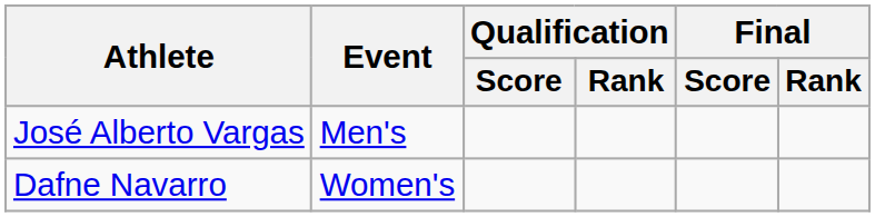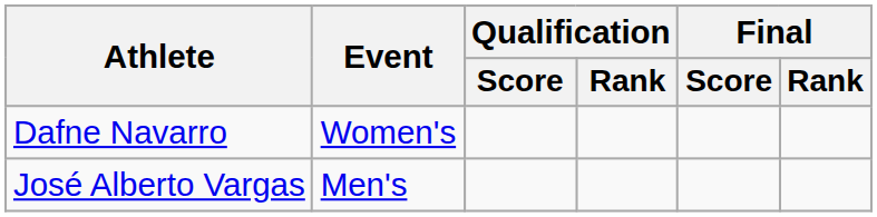 <table class="wikitable" style="font-size:90%">
 <tr>
 <th rowspan=2>Athlete</th>
 <th rowspan=2>Event</th>
 <th colspan="2">Qualification</th>
 <th colspan="2">Final</th>
 </tr>
 <tr style="font-size:95%">
 <th>Score</th>
 <th>Rank</th>
 <th>Score</th>
 <th>Rank</th>
 </tr>
 <tr align=center>
+<td align=left><a href='#'>Dafne Navarro</a></td>
+<td align=left><a href='#'>Women's</a></td>
+<td></td>
+<td></td>
+<td></td>
+<td></td>
+</tr>
+<tr align=center>
 <td align=left><a href='#'>José Alberto Vargas</a></td>
 <td align=left><a href='#'>Men's</a></td>
 <td></td>
 <td></td>
 <td></td>
 <td></td>
 </tr>
-<tr align=center>
-<td align=left><a href='#'>Dafne Navarro</a></td>
-<td align=left><a href='#'>Women's</a></td>
-<td></td>
-<td></td>
-<td></td>
-<td></td>
-</tr>
 </table>
